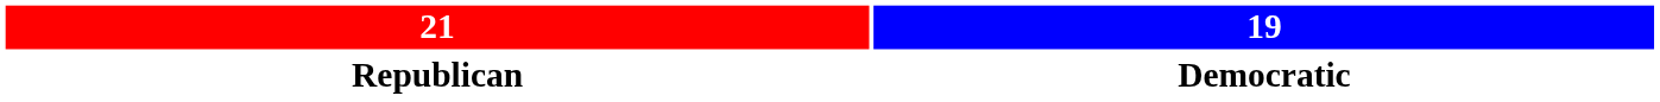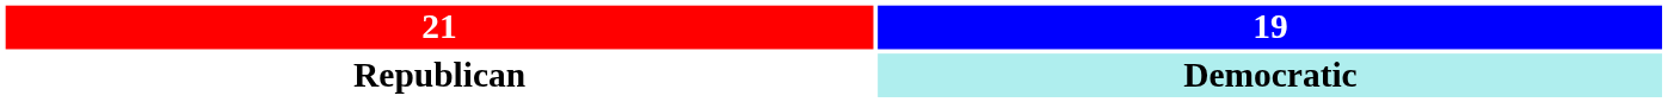 <table style="width:60%; text-align:center;">
 <tr style="color:white;">
 <td style="background:red; width:52.5%;"><strong>21</strong></td>
 <td style="background:blue; width:47.5%;"><strong>19</strong></td>
 </tr>
 <tr>
 <td><span><strong>Republican</strong></span></td>
-<td><span><strong>Democratic</strong></span></td>
+<td style="background: paleturquoise;"><span><strong>Democratic</strong></span></td>
 </tr>
 </table>
